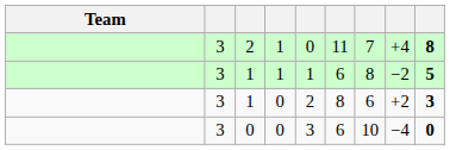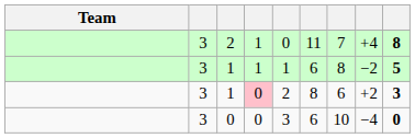 <table class="wikitable" style="text-align: center;">
 <tr>
 <th width="175">Team</th>
 <th width="20"></th>
 <th width="20"></th>
 <th width="20"></th>
 <th width="20"></th>
 <th width="20"></th>
 <th width="20"></th>
 <th width="20"></th>
 <th width="20"></th>
 </tr>
 <tr align=center bgcolor=#ccffcc>
 <td style="text-align:left;"></td>
 <td>3</td>
 <td>2</td>
 <td>1</td>
 <td>0</td>
 <td>11</td>
 <td>7</td>
 <td>+4</td>
 <td><strong>8</strong></td>
 </tr>
 <tr align=center bgcolor=#ccffcc>
 <td style="text-align:left;"></td>
 <td>3</td>
 <td>1</td>
 <td>1</td>
 <td>1</td>
 <td>6</td>
 <td>8</td>
 <td>−2</td>
 <td><strong>5</strong></td>
 </tr>
 <tr>
 <td style="text-align:left;"></td>
 <td>3</td>
 <td>1</td>
-<td>0</td>
+<td style="background: pink;">0</td>
 <td>2</td>
 <td>8</td>
 <td>6</td>
 <td>+2</td>
 <td><strong>3</strong></td>
 </tr>
 <tr>
 <td style="text-align:left;"></td>
 <td>3</td>
 <td>0</td>
 <td>0</td>
 <td>3</td>
 <td>6</td>
 <td>10</td>
 <td>−4</td>
 <td><strong>0</strong></td>
 </tr>
 </table>
